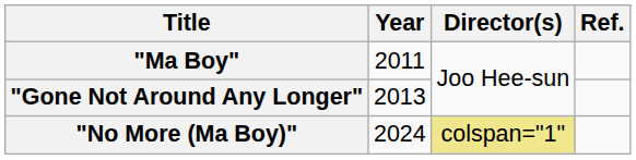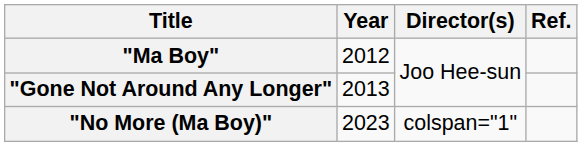 <table class="wikitable plainrowheaders" style="text-align:center">
 <tr>
 <th scope="col">Title</th>
 <th scope="col">Year</th>
 <th scope="col">Director(s)</th>
 <th scope="col">Ref.</th>
 </tr>
 <tr>
 <th scope="row">"Ma Boy"</th>
-<td>2011</td>
+<td>2012</td>
 <td rowspan="2">Joo Hee-sun</td>
 <td></td>
 </tr>
 <tr>
 <th scope="row">"Gone Not Around Any Longer"</th>
 <td>2013</td>
 <td></td>
 </tr>
 <tr>
 <th scope="row">"No More (Ma Boy)"</th>
-<td>2024</td>
-<td style="background: khaki;">colspan="1" </td>
+<td>2023</td>
+<td>colspan="1" </td>
 <td></td>
 </tr>
 </table>
